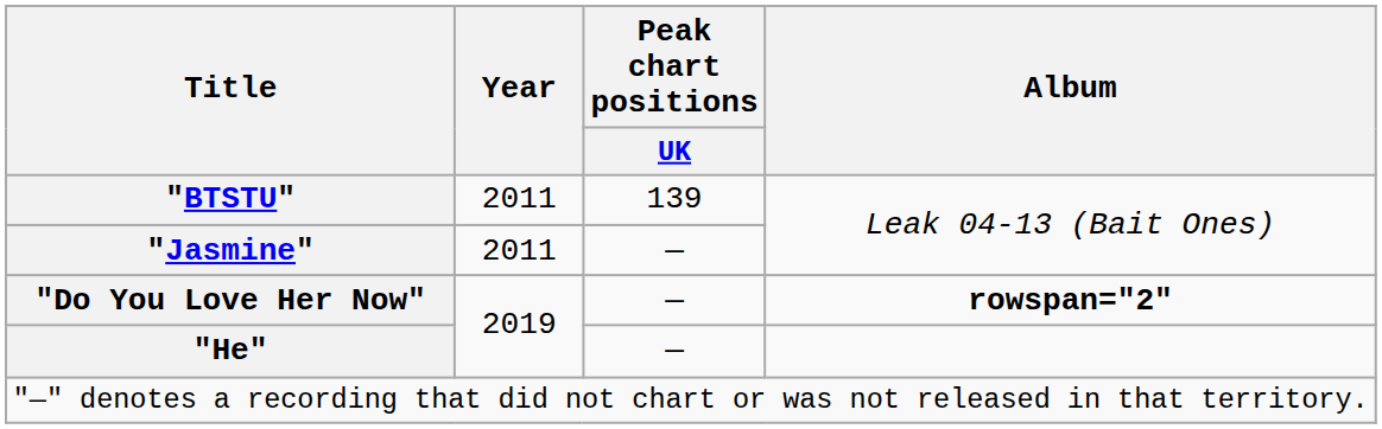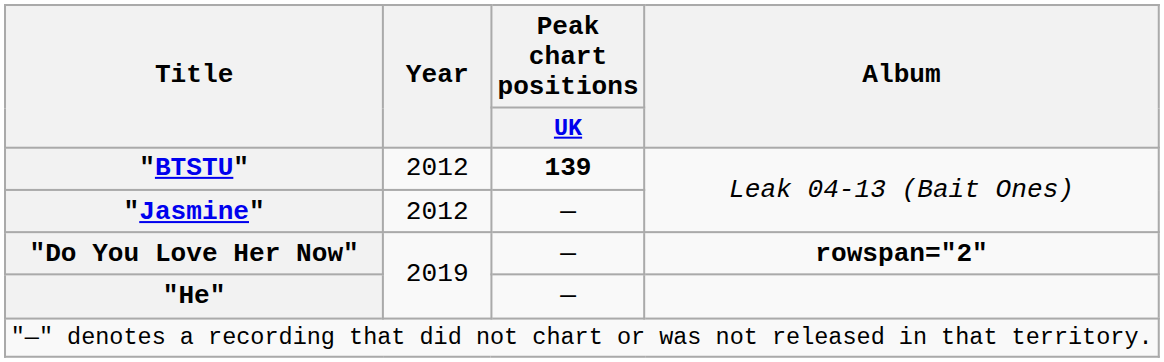 <table class="wikitable plainrowheaders" style="text-align:center;" border="1">
 <tr>
 <th scope="col" rowspan="2" style="width:14em;">Title</th>
 <th scope="col" rowspan="2">Year</th>
 <th scope="col" colspan="1">Peak chart positions</th>
 <th scope="col" rowspan="2">Album</th>
 </tr>
 <tr>
 <th scope="col" style="width:3em;font-size:90%;"><a href='#'>UK</a><br></th>
 </tr>
 <tr>
 <th scope="row">"<a href='#'>BTSTU</a>" </th>
-<td>2011</td>
-<td>139</td>
+<td>2012</td>
+<td><strong>139</strong></td>
 <td rowspan="2"><em>Leak 04-13 (Bait Ones)</em></td>
 </tr>
 <tr>
 <th scope="row">"<a href='#'>Jasmine</a>" </th>
-<td>2011</td>
+<td>2012</td>
 <td>—</td>
 </tr>
 <tr>
 <th scope="row">"Do You Love Her Now"</th>
 <td rowspan="2">2019</td>
 <td>—</td>
 <td><strong>rowspan="2" </strong></td>
 </tr>
 <tr>
 <th scope="row">"He"</th>
 <td>—</td>
 </tr>
 <tr>
 <td colspan="4" style="font-size:90%">"—" denotes a recording that did not chart or was not released in that territory.</td>
 </tr>
 </table>
